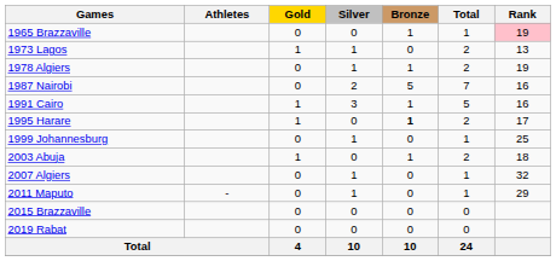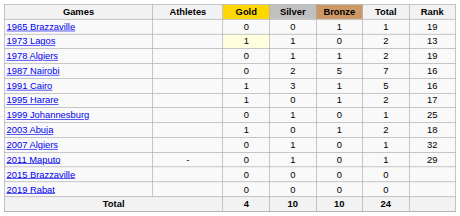 <table class="wikitable" width=55% style="font-size:90%; text-align:center;">
 <tr>
 <th>Games</th>
 <th>Athletes</th>
 <td style="background:gold; width:4.5em; font-weight:bold;">Gold</td>
 <td style="background:silver; width:4.5em; font-weight:bold;">Silver</td>
 <td style="background:#cc9966; width:4.5em; font-weight:bold;">Bronze</td>
 <th style="width:4.5em; font-weight:bold;">Total</th>
 <th style="width:4.5em; font-weight:bold;">Rank</th>
 </tr>
 <tr>
 <td align=left><a href='#'>1965 Brazzaville</a></td>
 <td></td>
 <td>0</td>
 <td>0</td>
 <td>1</td>
 <td>1</td>
-<td style="background: pink;">19</td>
+<td>19</td>
 </tr>
 <tr>
 <td align=left><a href='#'>1973 Lagos</a></td>
 <td></td>
-<td>1</td>
+<td style="background: lightyellow;">1</td>
 <td>1</td>
 <td>0</td>
 <td>2</td>
 <td>13</td>
 </tr>
 <tr>
 <td align=left><a href='#'>1978 Algiers</a></td>
 <td></td>
 <td>0</td>
 <td>1</td>
 <td>1</td>
 <td>2</td>
 <td>19</td>
 </tr>
 <tr>
 <td align=left><a href='#'>1987 Nairobi</a></td>
 <td></td>
 <td>0</td>
 <td>2</td>
 <td>5</td>
 <td>7</td>
 <td>16</td>
 </tr>
 <tr>
 <td align=left><a href='#'>1991 Cairo</a></td>
 <td></td>
 <td>1</td>
 <td>3</td>
 <td>1</td>
 <td>5</td>
 <td>16</td>
 </tr>
 <tr>
 <td align=left><a href='#'>1995 Harare</a></td>
 <td></td>
 <td>1</td>
 <td>0</td>
-<td><strong>1</strong></td>
+<td>1</td>
 <td>2</td>
 <td>17</td>
 </tr>
 <tr>
 <td align=left><a href='#'>1999 Johannesburg</a></td>
 <td></td>
 <td>0</td>
 <td>1</td>
 <td>0</td>
 <td>1</td>
 <td>25</td>
 </tr>
 <tr>
 <td align=left><a href='#'>2003 Abuja</a></td>
 <td></td>
 <td>1</td>
 <td>0</td>
 <td>1</td>
 <td>2</td>
 <td>18</td>
 </tr>
 <tr>
 <td align=left><a href='#'>2007 Algiers</a></td>
 <td></td>
 <td>0</td>
 <td>1</td>
 <td>0</td>
 <td>1</td>
 <td>32</td>
 </tr>
 <tr>
 <td align=left><a href='#'>2011 Maputo</a></td>
 <td>-</td>
 <td>0</td>
 <td>1</td>
 <td>0</td>
 <td>1</td>
 <td>29</td>
 </tr>
 <tr>
 <td align=left><a href='#'>2015 Brazzaville</a></td>
 <td></td>
 <td>0</td>
 <td>0</td>
 <td>0</td>
 <td>0</td>
 <td></td>
 </tr>
 <tr>
 <td align=left><a href='#'>2019 Rabat</a></td>
 <td></td>
 <td>0</td>
 <td>0</td>
 <td>0</td>
 <td>0</td>
 <td></td>
 </tr>
 <tr style="width:4em;">
 <th colspan=2>Total</th>
 <th>4</th>
 <th>10</th>
 <th>10</th>
 <th>24</th>
 <th></th>
 </tr>
 <tr class="sortbottom">
 </tr>
 </table>
